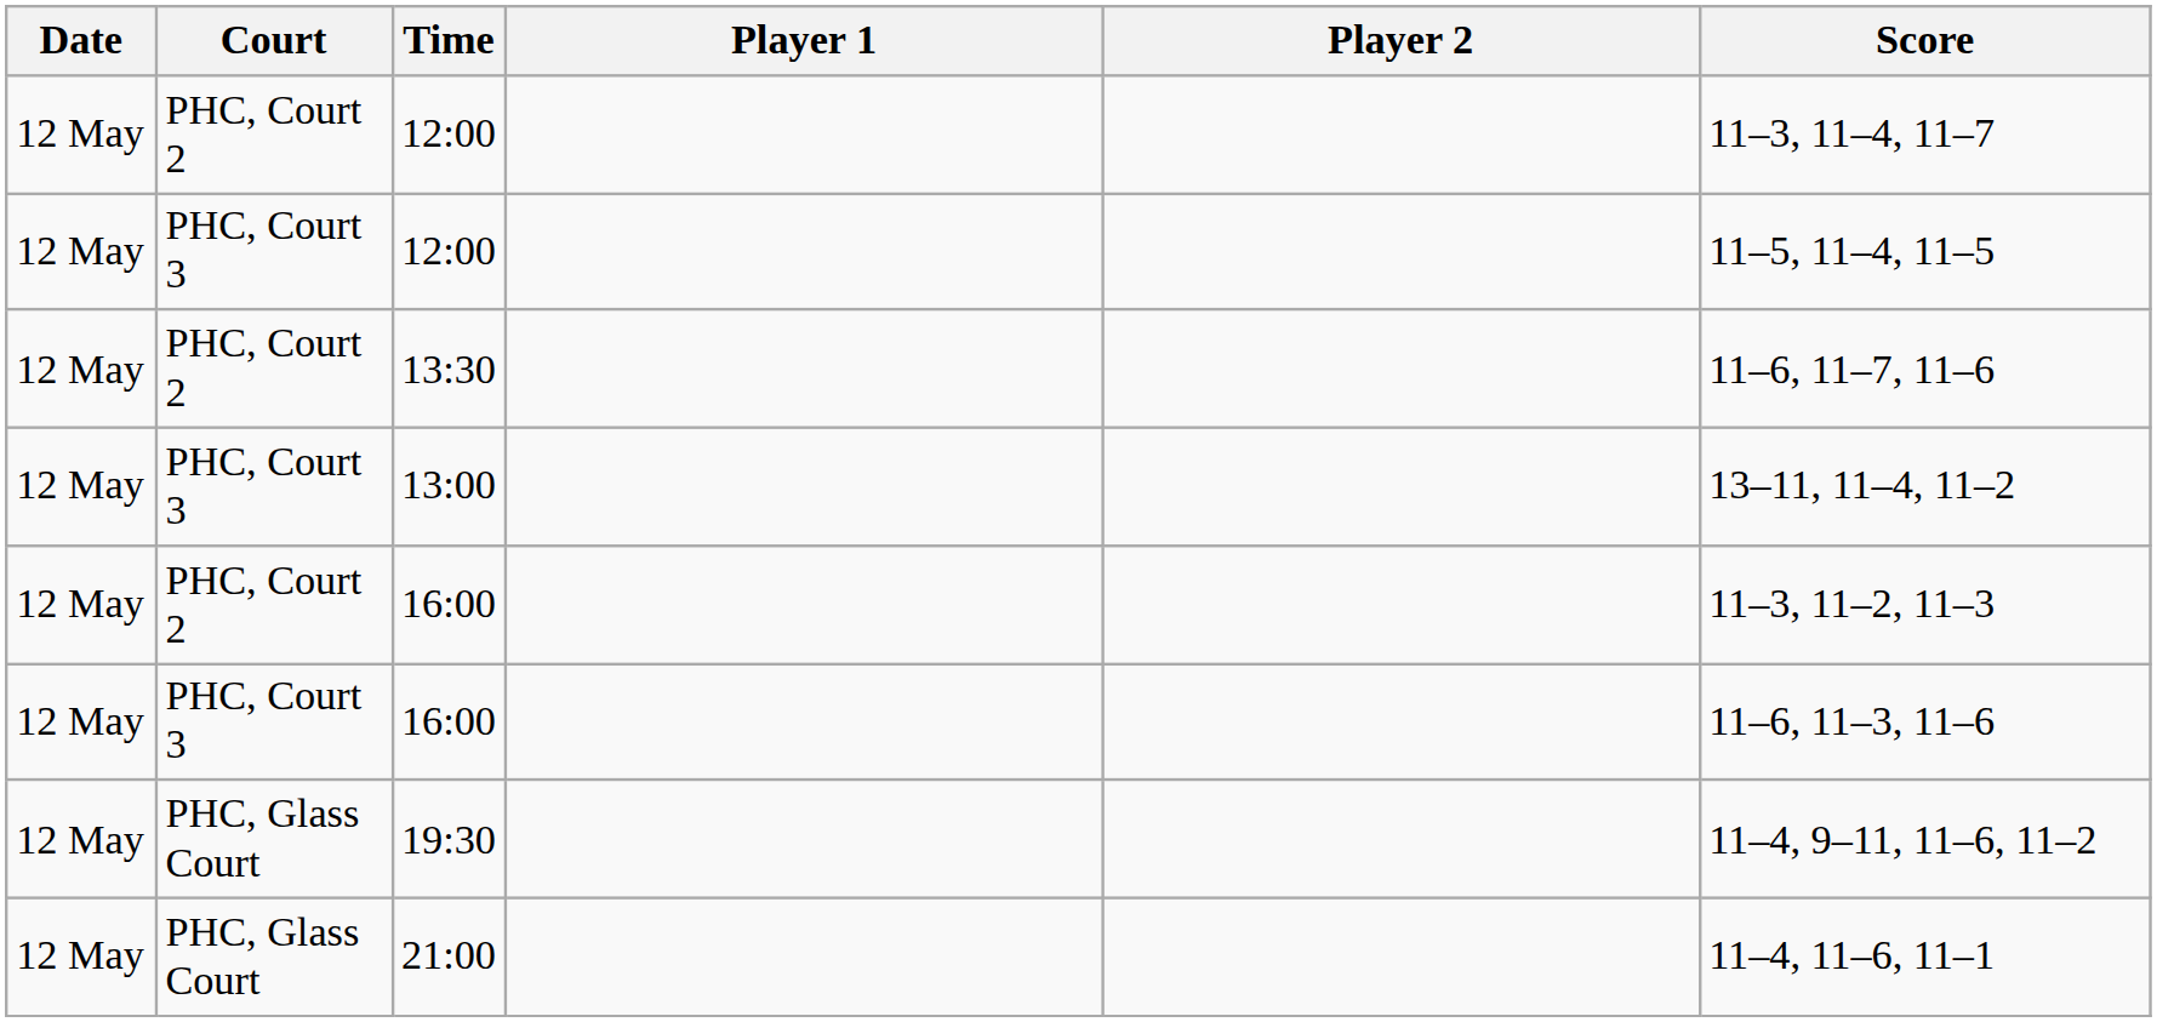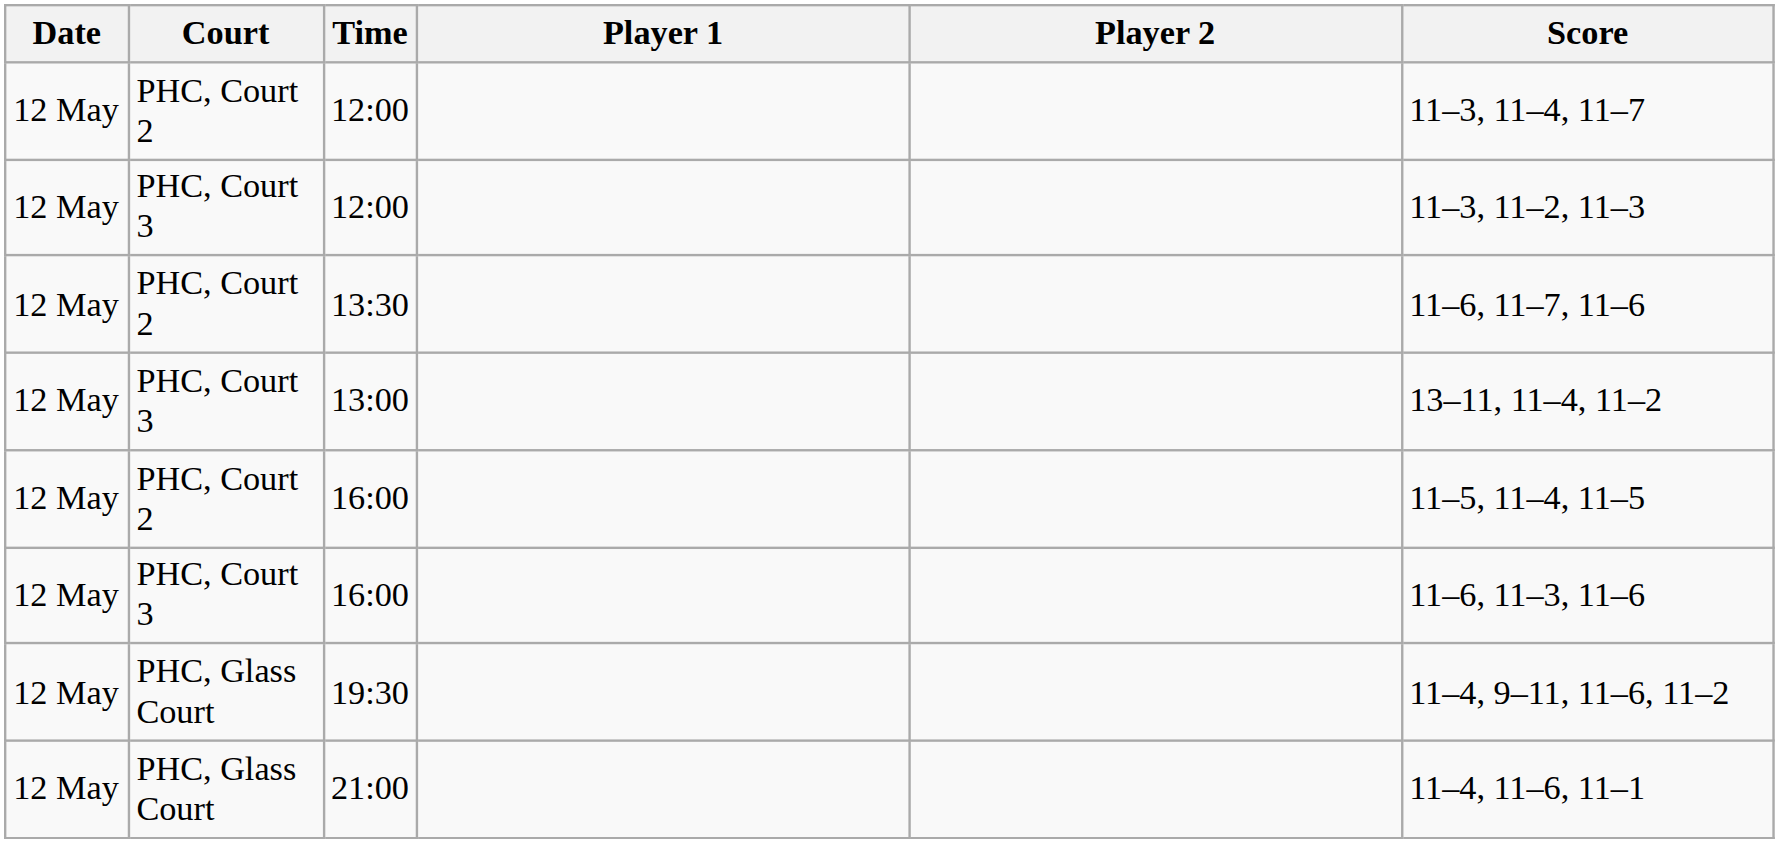 <table class="sortable wikitable" style="font-size:90%">
 <tr>
 <th width="45" class="unsortable">Date</th>
 <th width="75">Court</th>
 <th width="30">Time</th>
 <th width="200">Player 1</th>
 <th width="200">Player 2</th>
 <th width="150" class="unsortable">Score</th>
 </tr>
 <tr>
 <td>12 May</td>
 <td>PHC, Court 2</td>
 <td>12:00</td>
 <td></td>
 <td><strong></strong></td>
 <td>11–3, 11–4, 11–7</td>
 </tr>
 <tr>
 <td>12 May</td>
 <td>PHC, Court 3</td>
 <td>12:00</td>
 <td><strong></strong></td>
 <td></td>
-<td>11–5, 11–4, 11–5</td>
+<td>11–3, 11–2, 11–3</td>
 </tr>
 <tr>
 <td>12 May</td>
 <td>PHC, Court 2</td>
 <td>13:30</td>
 <td><strong></strong></td>
 <td></td>
 <td>11–6, 11–7, 11–6</td>
 </tr>
 <tr>
 <td>12 May</td>
 <td>PHC, Court 3</td>
 <td>13:00</td>
 <td></td>
 <td><strong></strong></td>
 <td>13–11, 11–4, 11–2</td>
 </tr>
 <tr>
 <td>12 May</td>
 <td>PHC, Court 2</td>
 <td>16:00</td>
 <td></td>
 <td><strong></strong></td>
-<td>11–3, 11–2, 11–3</td>
+<td>11–5, 11–4, 11–5</td>
 </tr>
 <tr>
 <td>12 May</td>
 <td>PHC, Court 3</td>
 <td>16:00</td>
 <td><strong></strong></td>
 <td></td>
 <td>11–6, 11–3, 11–6</td>
 </tr>
 <tr>
 <td>12 May</td>
 <td>PHC, Glass Court</td>
 <td>19:30</td>
 <td><strong></strong></td>
 <td></td>
 <td>11–4, 9–11, 11–6, 11–2</td>
 </tr>
 <tr>
 <td>12 May</td>
 <td>PHC, Glass Court</td>
 <td>21:00</td>
 <td></td>
 <td><strong></strong></td>
 <td>11–4, 11–6, 11–1</td>
 </tr>
 </table>
